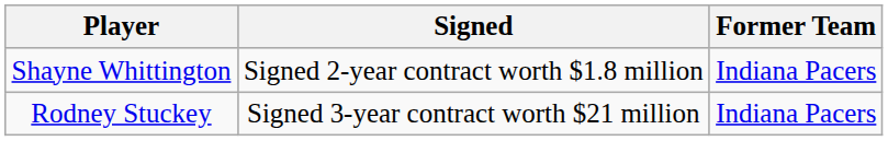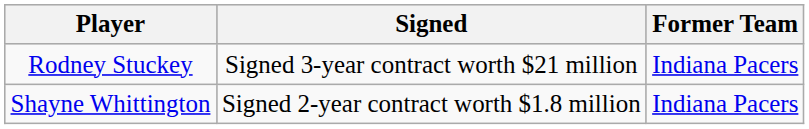 <table class="wikitable sortable sortable">
 <tr>
 <th>Player</th>
 <th>Signed</th>
 <th>Former Team</th>
 </tr>
 <tr style="text-align: center">
+<td><a href='#'>Rodney Stuckey</a></td>
+<td>Signed 3-year contract worth $21 million</td>
+<td><a href='#'>Indiana Pacers</a></td>
+</tr>
+<tr style="text-align: center">
 <td><a href='#'>Shayne Whittington</a></td>
 <td>Signed 2-year contract worth $1.8 million</td>
 <td><a href='#'>Indiana Pacers</a></td>
 </tr>
-<tr style="text-align: center">
-<td><a href='#'>Rodney Stuckey</a></td>
-<td>Signed 3-year contract worth $21 million</td>
-<td><a href='#'>Indiana Pacers</a></td>
-</tr>
 </table>
